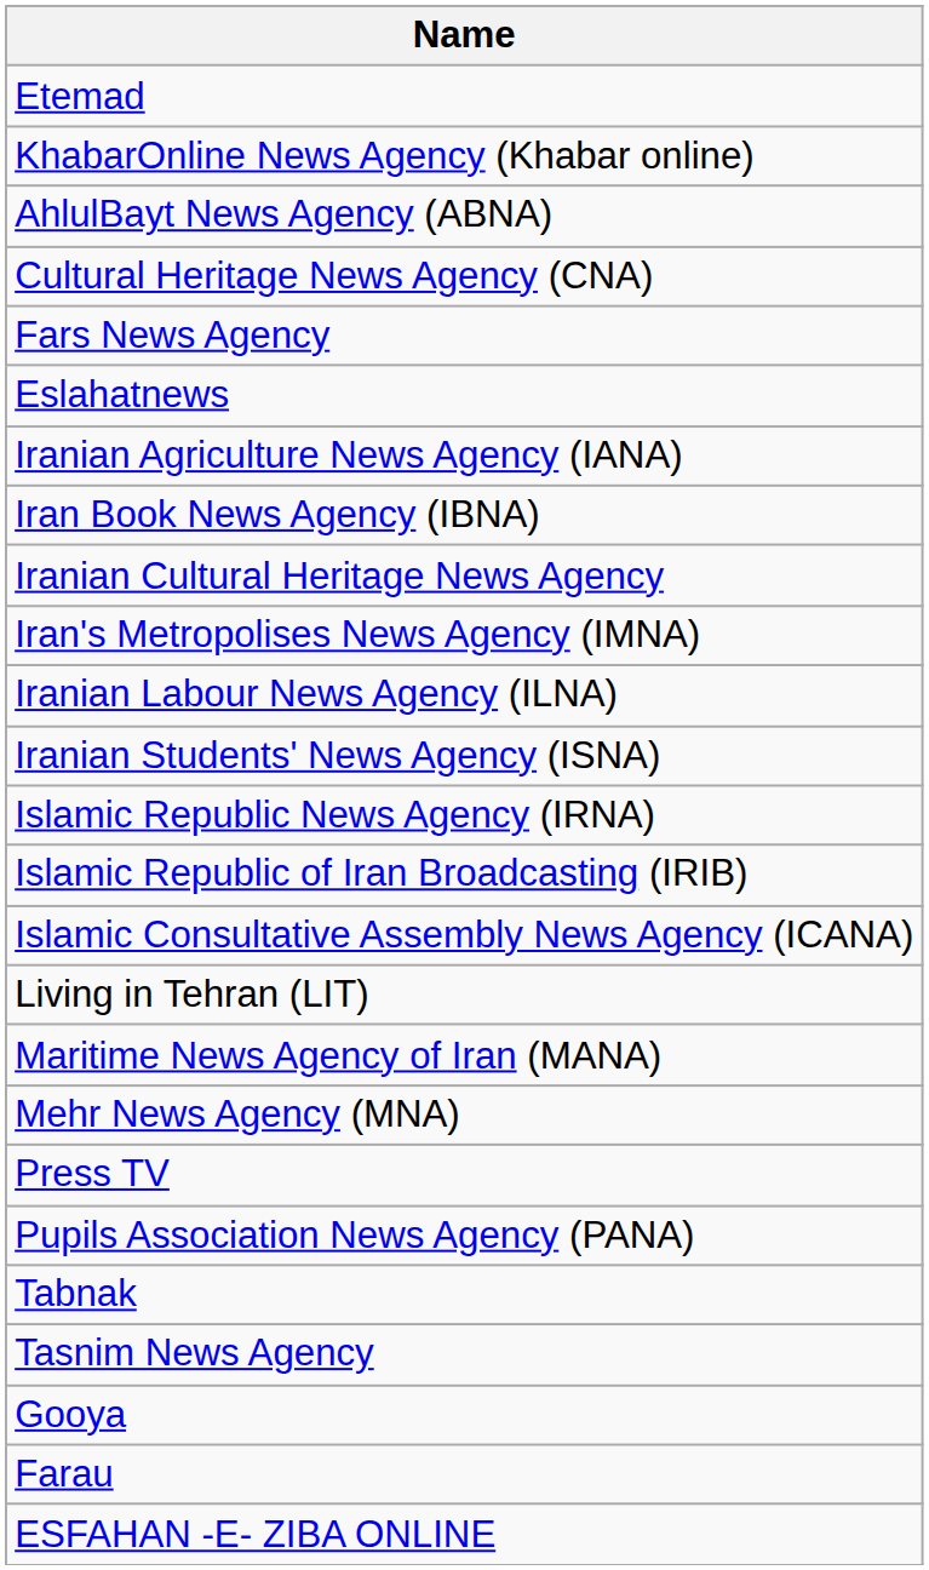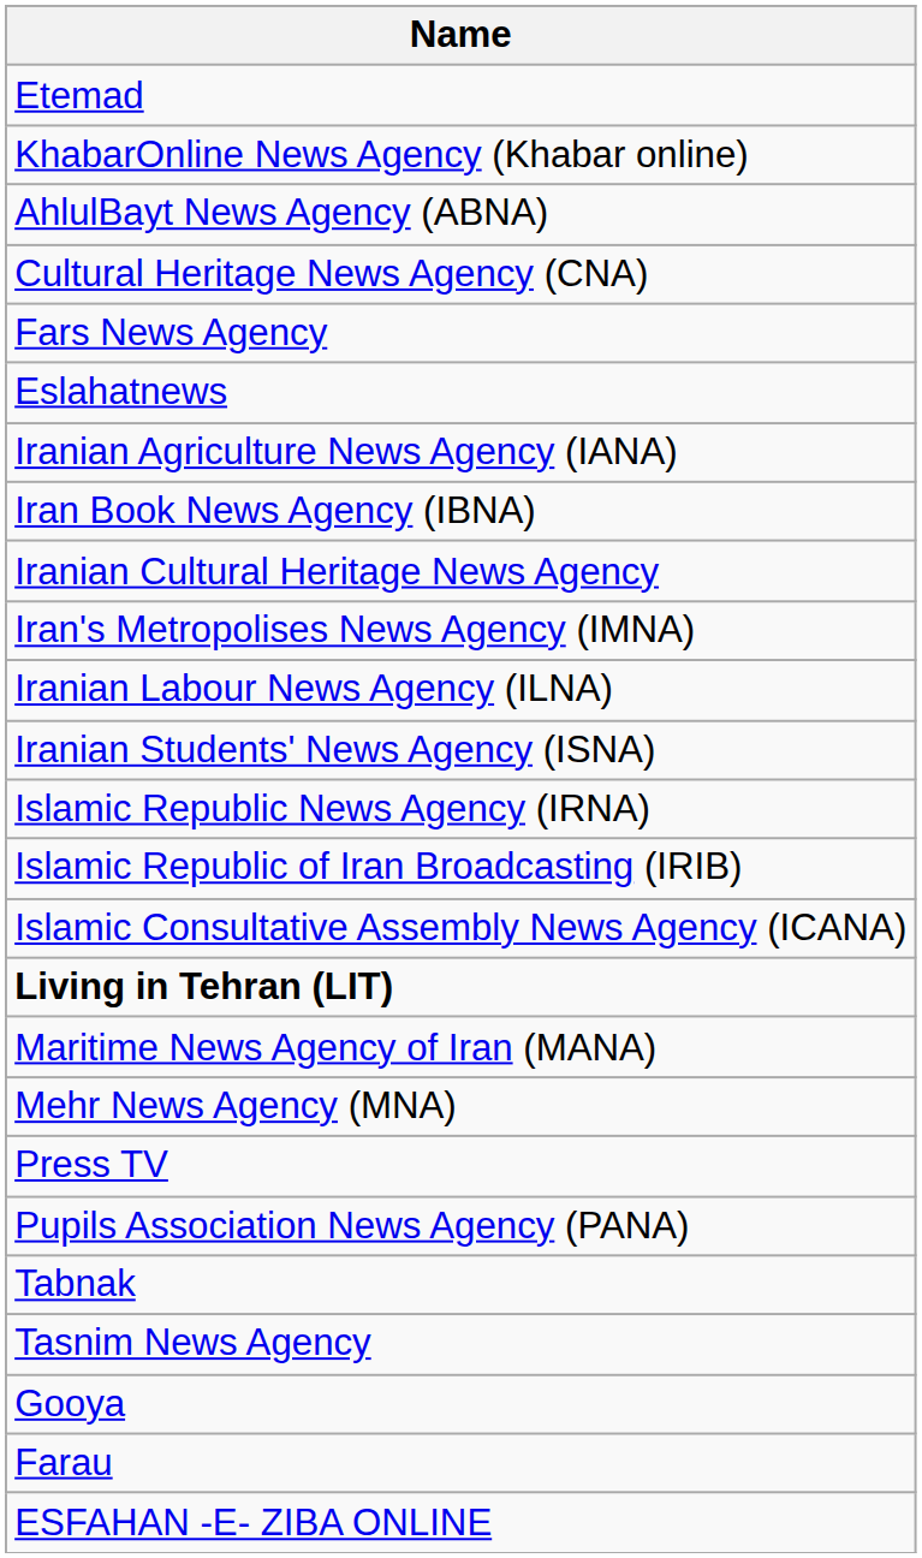 <table class="wikitable sortable">
 <tr>
 <th>Name</th>
 </tr>
 <tr>
 <td><a href='#'>Etemad</a></td>
 </tr>
 <tr>
 <td><a href='#'>KhabarOnline News Agency</a> (Khabar online)</td>
 </tr>
 <tr>
 <td><a href='#'>AhlulBayt News Agency</a> (ABNA)</td>
 </tr>
 <tr>
 <td><a href='#'>Cultural Heritage News Agency</a> (CNA)</td>
 </tr>
 <tr>
 <td><a href='#'>Fars News Agency</a></td>
 </tr>
 <tr>
 <td><a href='#'>Eslahatnews</a></td>
 </tr>
 <tr>
 <td><a href='#'>Iranian Agriculture News Agency</a> (IANA)</td>
 </tr>
 <tr>
 <td><a href='#'>Iran Book News Agency</a> (IBNA)</td>
 </tr>
 <tr>
 <td><a href='#'>Iranian Cultural Heritage News Agency</a></td>
 </tr>
 <tr>
 <td><a href='#'>Iran's Metropolises News Agency</a> (IMNA)</td>
 </tr>
 <tr>
 <td><a href='#'>Iranian Labour News Agency</a> (ILNA)</td>
 </tr>
 <tr>
 <td><a href='#'>Iranian Students' News Agency</a> (ISNA)</td>
 </tr>
 <tr>
 <td><a href='#'>Islamic Republic News Agency</a> (IRNA)</td>
 </tr>
 <tr>
 <td><a href='#'>Islamic Republic of Iran Broadcasting</a> (IRIB)</td>
 </tr>
 <tr>
 <td><a href='#'>Islamic Consultative Assembly News Agency</a> (ICANA)</td>
 </tr>
 <tr>
-<td>Living in Tehran (LIT)</td>
+<td><strong>Living in Tehran (LIT)</strong></td>
 </tr>
 <tr>
 <td><a href='#'>Maritime News Agency of Iran</a> (MANA)</td>
 </tr>
 <tr>
 <td><a href='#'>Mehr News Agency</a> (MNA)</td>
 </tr>
 <tr>
 <td><a href='#'>Press TV</a></td>
 </tr>
 <tr>
 <td><a href='#'>Pupils Association News Agency</a> (PANA)</td>
 </tr>
 <tr>
 <td><a href='#'>Tabnak</a></td>
 </tr>
 <tr>
 <td><a href='#'>Tasnim News Agency</a></td>
 </tr>
 <tr>
 <td><a href='#'>Gooya</a></td>
 </tr>
 <tr>
 <td><a href='#'>Farau</a></td>
 </tr>
 <tr>
 <td><a href='#'>ESFAHAN -E- ZIBA ONLINE</a></td>
 </tr>
 </table>
